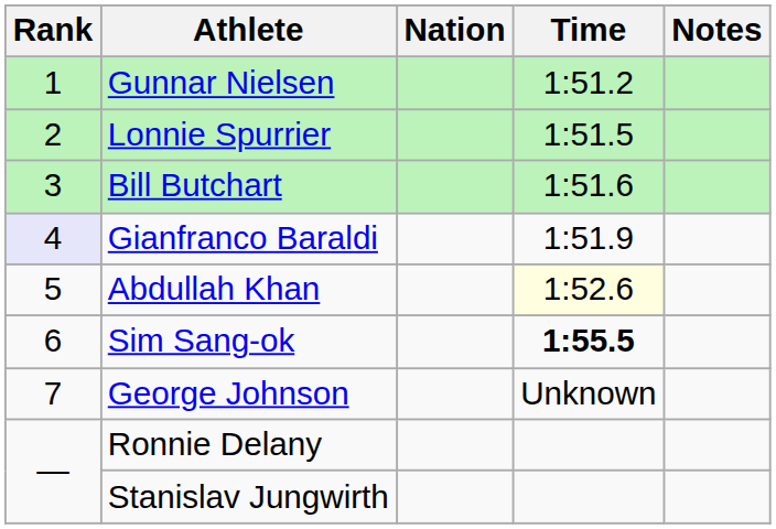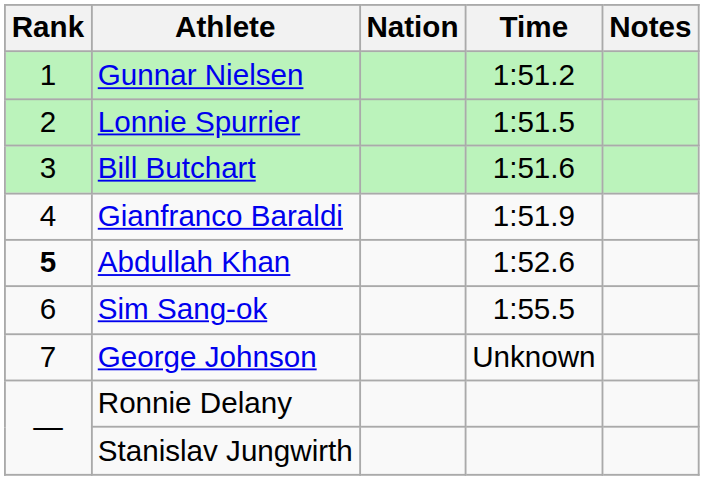 <table class="wikitable sortable" style="text-align:center">
 <tr>
 <th>Rank</th>
 <th>Athlete</th>
 <th>Nation</th>
 <th>Time</th>
 <th>Notes</th>
 </tr>
 <tr bgcolor=bbf3bb>
 <td>1</td>
 <td align=left><a href='#'>Gunnar Nielsen</a></td>
 <td align=left></td>
 <td>1:51.2</td>
 <td></td>
 </tr>
 <tr bgcolor=bbf3bb>
 <td>2</td>
 <td align=left><a href='#'>Lonnie Spurrier</a></td>
 <td align=left></td>
 <td>1:51.5</td>
 <td></td>
 </tr>
 <tr bgcolor=bbf3bb>
 <td>3</td>
 <td align=left><a href='#'>Bill Butchart</a></td>
 <td align=left></td>
 <td>1:51.6</td>
 <td></td>
 </tr>
 <tr>
-<td style="background: lavender;">4</td>
+<td>4</td>
 <td align=left><a href='#'>Gianfranco Baraldi</a></td>
 <td align=left></td>
 <td>1:51.9</td>
 <td></td>
 </tr>
 <tr>
-<td>5</td>
+<td><strong>5</strong></td>
 <td align=left><a href='#'>Abdullah Khan</a></td>
 <td align=left></td>
-<td style="background: lightyellow;">1:52.6</td>
+<td>1:52.6</td>
 <td></td>
 </tr>
 <tr>
 <td>6</td>
 <td align=left><a href='#'>Sim Sang-ok</a></td>
 <td align=left></td>
-<td><strong>1:55.5</strong></td>
+<td>1:55.5</td>
 <td></td>
 </tr>
 <tr>
 <td>7</td>
 <td align=left><a href='#'>George Johnson</a></td>
 <td align=left></td>
 <td data-sort-value=2:00.0>Unknown</td>
 <td></td>
 </tr>
 <tr>
 <td rowspan=2 data-sort-value=8>—</td>
 <td align=left>Ronnie Delany</td>
 <td align=left></td>
 <td></td>
 <td></td>
 </tr>
 <tr>
 <td align=left>Stanislav Jungwirth</td>
 <td align=left></td>
 <td></td>
 <td></td>
 </tr>
 </table>
